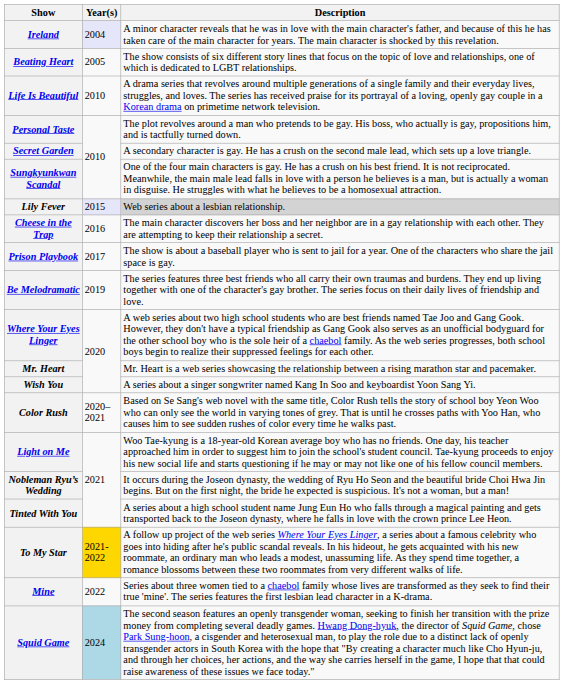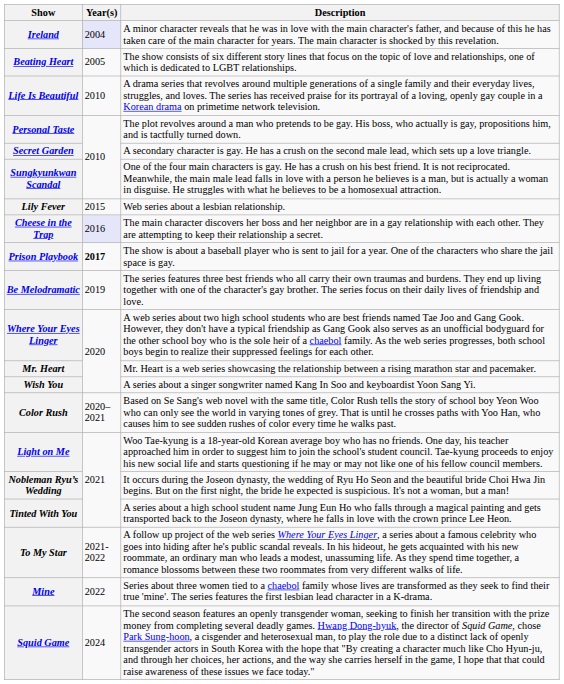 <table class="wikitable sortable plainrowheaders">
 <tr>
 <th scope="col">Show</th>
 <th scope="col">Year(s)</th>
 <th scope="col" class="unsortable" style=white-space:nowrap>Description</th>
 </tr>
 <tr>
 <th scope="row"><em><a href='#'>Ireland</a></em></th>
 <td style="background: lavender;">2004</td>
 <td>A minor character reveals that he was in love with the main character's father, and because of this he has taken care of the main character for years. The main character is shocked by this revelation.</td>
 </tr>
 <tr>
 <th scope="row"><em><a href='#'>Beating Heart</a></em></th>
 <td>2005</td>
 <td>The show consists of six different story lines that focus on the topic of love and relationships, one of which is dedicated to LGBT relationships.</td>
 </tr>
 <tr>
 <th scope="row"><em><a href='#'>Life Is Beautiful</a></em></th>
 <td>2010</td>
 <td>A drama series that revolves around multiple generations of a single family and their everyday lives, struggles, and loves. The series has received praise for its portrayal of a loving, openly gay couple in a <a href='#'>Korean drama</a> on primetime network television.</td>
 </tr>
 <tr>
 <th scope="row"><em><a href='#'>Personal Taste</a></em></th>
 <td rowspan="3">2010</td>
 <td>The plot revolves around a man who pretends to be gay. His boss, who actually is gay, propositions him, and is tactfully turned down.</td>
 </tr>
 <tr>
 <th scope="row"><em><a href='#'>Secret Garden</a></em></th>
 <td>A secondary character is gay. He has a crush on the second male lead, which sets up a love triangle.</td>
 </tr>
 <tr>
 <th scope="row"><em><a href='#'>Sungkyunkwan Scandal</a></em></th>
 <td>One of the four main characters is gay. He has a crush on his best friend. It is not reciprocated. Meanwhile, the main male lead falls in love with a person he believes is a man, but is actually a woman in disguise. He struggles with what he believes to be a homosexual attraction.</td>
 </tr>
 <tr>
 <th scope="row"><em>Lily Fever</em></th>
-<td style="background: lavender;">2015</td>
-<td style="background: lightgrey;">Web series about a lesbian relationship.</td>
+<td>2015</td>
+<td>Web series about a lesbian relationship.</td>
 </tr>
 <tr>
 <th scope="row"><em><a href='#'>Cheese in the Trap</a></em></th>
-<td>2016</td>
+<td style="background: lavender;">2016</td>
 <td>The main character discovers her boss and her neighbor are in a gay relationship with each other. They are attempting to keep their relationship a secret.</td>
 </tr>
 <tr>
 <th scope="row"><em><a href='#'>Prison Playbook</a></em></th>
-<td>2017</td>
+<td><strong>2017</strong></td>
 <td>The show is about a baseball player who is sent to jail for a year. One of the characters who share the jail space is gay.</td>
 </tr>
 <tr>
 <th scope="row"><em><a href='#'>Be Melodramatic</a></em></th>
 <td>2019</td>
 <td>The series features three best friends who all carry their own traumas and burdens. They end up living together with one of the character's gay brother. The series focus on their daily lives of friendship and love.</td>
 </tr>
 <tr>
 <th scope="row"><em><a href='#'>Where Your Eyes Linger</a></em></th>
 <td rowspan="3">2020</td>
 <td>A web series about two high school students who are best friends named Tae Joo and Gang Gook. However, they don't have a typical friendship as Gang Gook also serves as an unofficial bodyguard for the other school boy who is the sole heir of a <a href='#'>chaebol</a> family. As the web series progresses, both school boys begin to realize their suppressed feelings for each other.</td>
 </tr>
 <tr>
 <th scope="row"><em>Mr. Heart</em></th>
 <td>Mr. Heart is a web series showcasing the relationship between a rising marathon star and pacemaker.</td>
 </tr>
 <tr>
 <th scope="row"><em>Wish You</em></th>
 <td>A series about a singer songwriter named Kang In Soo and keyboardist Yoon Sang Yi.</td>
 </tr>
 <tr>
 <th scope="row"><em>Color Rush</em></th>
 <td>2020–2021</td>
 <td>Based on Se Sang's web novel with the same title, Color Rush tells the story of school boy Yeon Woo who can only see the world in varying tones of grey. That is until he crosses paths with Yoo Han, who causes him to see sudden rushes of color every time he walks past.</td>
 </tr>
 <tr>
 <th scope="row"><em><a href='#'>Light on Me</a></em></th>
 <td rowspan="3">2021</td>
 <td>Woo Tae-kyung is a 18-year-old Korean average boy who has no friends. One day, his teacher approached him in order to suggest him to join the school's student council. Tae-kyung proceeds to enjoy his new social life and starts questioning if he may or may not like one of his fellow council members.</td>
 </tr>
 <tr>
 <th scope="row"><em>Nobleman Ryu’s Wedding</em></th>
 <td>It occurs during the Joseon dynasty, the wedding of Ryu Ho Seon and the beautiful bride Choi Hwa Jin begins. But on the first night, the bride he expected is suspicious. It's not a woman, but a man!</td>
 </tr>
 <tr>
 <th scope="row"><em>Tinted With You</em></th>
 <td>A series about a high school student name Jung Eun Ho who falls through a magical painting and gets transported back to the Joseon dynasty, where he falls in love with the crown prince Lee Heon.</td>
 </tr>
 <tr>
 <th scope="row"><em>To My Star</em></th>
-<td style="background: gold;">2021- 2022</td>
+<td>2021- 2022</td>
 <td>A follow up project of the web series <em><a href='#'>Where Your Eyes Linger</a></em>, a series about a famous celebrity who goes into hiding after he's public scandal reveals. In his hideout, he gets acquainted with his new roommate, an ordinary man who leads a modest, unassuming life. As they spend time together, a romance blossoms between these two roommates from very different walks of life.</td>
 </tr>
 <tr>
 <th scope="row"><em><a href='#'>Mine</a></em></th>
 <td>2022</td>
 <td>Series about three women tied to a <a href='#'>chaebol</a> family whose lives are transformed as they seek to find their true 'mine'. The series features the first lesbian lead character in a K-drama.</td>
 </tr>
 <tr>
 <th scope="row"><em><a href='#'>Squid Game</a></em></th>
-<td style="background: lightblue;">2024</td>
+<td>2024</td>
 <td>The second season features an openly transgender woman, seeking to finish her transition with the prize money from completing several deadly games. <a href='#'>Hwang Dong-hyuk</a>, the director of <em>Squid Game</em>, chose <a href='#'>Park Sung-hoon</a>, a cisgender and heterosexual man, to play the role due to a distinct lack of openly transgender actors in South Korea with the hope that "By creating a character much like Cho Hyun-ju, and through her choices, her actions, and the way she carries herself in the game, I hope that that could raise awareness of these issues we face today."</td>
 </tr>
 </table>
